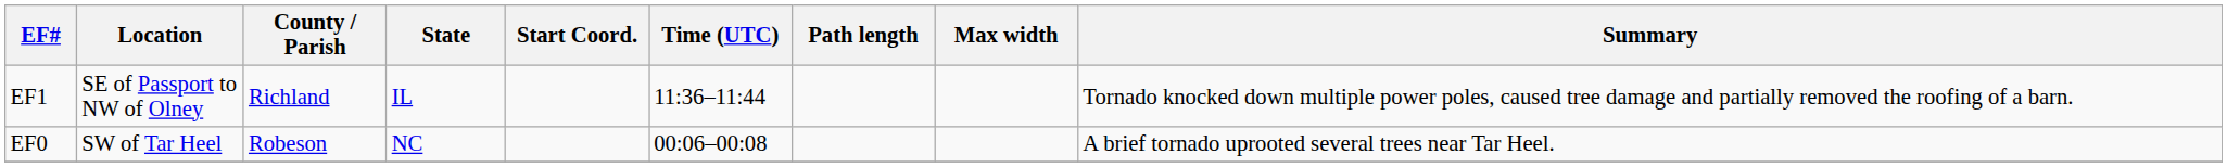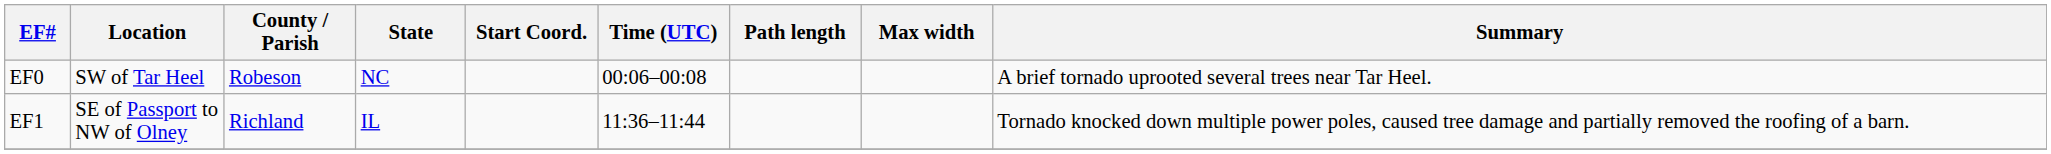 <table class="wikitable sortable" style="width:100%;">
 <tr>
 <th scope="col"  style="width:3%; text-align:center;"><a href='#'>EF#</a></th>
 <th scope="col"  style="width:7%; text-align:center;" class="unsortable">Location</th>
 <th scope="col"  style="width:6%; text-align:center;" class="unsortable">County / Parish</th>
 <th scope="col"  style="width:5%; text-align:center;">State</th>
 <th scope="col"  style="width:6%; text-align:center;">Start Coord.</th>
 <th scope="col"  style="width:6%; text-align:center;">Time (<a href='#'>UTC</a>)</th>
 <th scope="col"  style="width:6%; text-align:center;">Path length</th>
 <th scope="col"  style="width:6%; text-align:center;">Max width</th>
 <th scope="col" class="unsortable" style="width:48%; text-align:center;">Summary</th>
 </tr>
 <tr>
+<td>EF0</td>
+<td>SW of <a href='#'>Tar Heel</a></td>
+<td><a href='#'>Robeson</a></td>
+<td><a href='#'>NC</a></td>
+<td></td>
+<td>00:06–00:08</td>
+<td></td>
+<td></td>
+<td>A brief tornado uprooted several trees near Tar Heel.</td>
+</tr>
+<tr>
 <td>EF1</td>
 <td>SE of <a href='#'>Passport</a> to NW of <a href='#'>Olney</a></td>
 <td><a href='#'>Richland</a></td>
 <td><a href='#'>IL</a></td>
 <td></td>
 <td>11:36–11:44</td>
 <td></td>
 <td></td>
 <td>Tornado knocked down multiple power poles, caused tree damage and partially removed the roofing of a barn.</td>
 </tr>
 <tr>
-<td>EF0</td>
-<td>SW of <a href='#'>Tar Heel</a></td>
-<td><a href='#'>Robeson</a></td>
-<td><a href='#'>NC</a></td>
-<td></td>
-<td>00:06–00:08</td>
-<td></td>
-<td></td>
-<td>A brief tornado uprooted several trees near Tar Heel.</td>
-</tr>
-<tr>
 </tr>
 </table>
